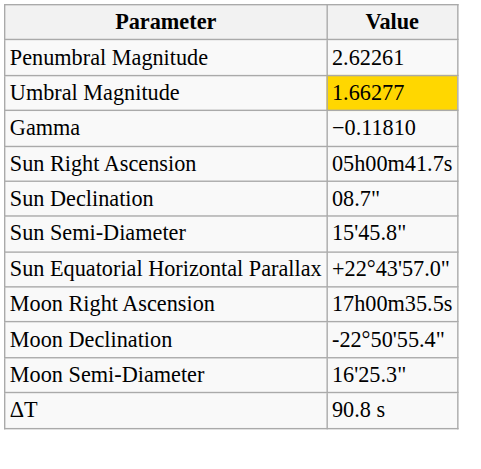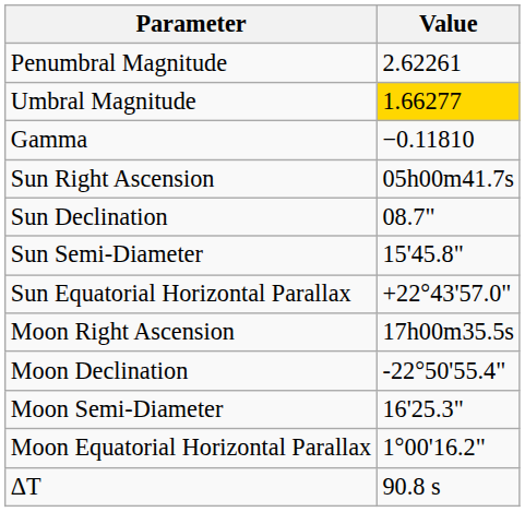 <table class="wikitable">
 <tr>
 <th>Parameter</th>
 <th>Value</th>
 </tr>
 <tr>
 <td>Penumbral Magnitude</td>
 <td>2.62261</td>
 </tr>
 <tr>
 <td>Umbral Magnitude</td>
 <td style="background: gold;">1.66277</td>
 </tr>
 <tr>
 <td>Gamma</td>
 <td>−0.11810</td>
 </tr>
 <tr>
 <td>Sun Right Ascension</td>
 <td>05h00m41.7s</td>
 </tr>
 <tr>
 <td>Sun Declination</td>
 <td>08.7"</td>
 </tr>
 <tr>
 <td>Sun Semi-Diameter</td>
 <td>15'45.8"</td>
 </tr>
 <tr>
 <td>Sun Equatorial Horizontal Parallax</td>
 <td>+22°43'57.0"</td>
 </tr>
 <tr>
 <td>Moon Right Ascension</td>
 <td>17h00m35.5s</td>
 </tr>
 <tr>
 <td>Moon Declination</td>
 <td>-22°50'55.4"</td>
 </tr>
 <tr>
 <td>Moon Semi-Diameter</td>
 <td>16'25.3"</td>
 </tr>
 <tr>
+<td>Moon Equatorial Horizontal Parallax</td>
+<td>1°00'16.2"</td>
+</tr>
+<tr>
 <td>ΔT</td>
 <td>90.8 s</td>
 </tr>
 </table>
